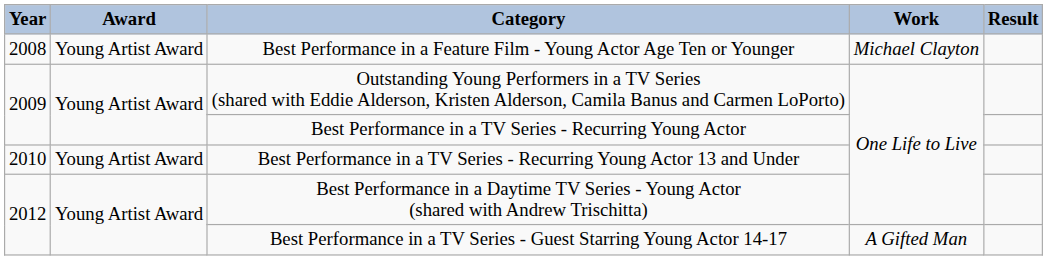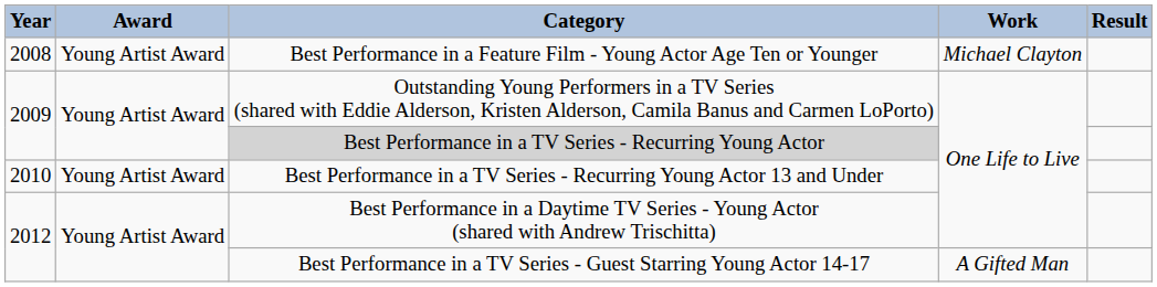 <table class="wikitable sortable" rowspan=5; style="text-align: center;">
 <tr>
 <th style="background:#B0C4DE;text-align:center;">Year</th>
 <th style="background:#B0C4DE;text-align:center;">Award</th>
 <th style="background:#B0C4DE;text-align:center;">Category</th>
 <th style="background:#B0C4DE;text-align:center;">Work</th>
 <th style="background:#B0C4DE;text-align:center;">Result</th>
 </tr>
 <tr>
 <td>2008</td>
 <td>Young Artist Award</td>
 <td>Best Performance in a Feature Film - Young Actor Age Ten or Younger</td>
 <td><em>Michael Clayton</em></td>
 <td></td>
 </tr>
 <tr>
 <td rowspan="2">2009</td>
 <td rowspan="2">Young Artist Award</td>
 <td>Outstanding Young Performers in a TV Series <br>(shared with Eddie Alderson, Kristen Alderson, Camila Banus and Carmen LoPorto)</td>
 <td rowspan="4"><em>One Life to Live</em></td>
 <td></td>
 </tr>
 <tr>
-<td>Best Performance in a TV Series - Recurring Young Actor</td>
+<td style="background: lightgrey;">Best Performance in a TV Series - Recurring Young Actor</td>
 <td></td>
 </tr>
 <tr>
 <td>2010</td>
 <td>Young Artist Award</td>
 <td>Best Performance in a TV Series - Recurring Young Actor 13 and Under</td>
 <td></td>
 </tr>
 <tr>
 <td rowspan="2">2012</td>
 <td rowspan="2">Young Artist Award</td>
 <td>Best Performance in a Daytime TV Series - Young Actor <br>(shared with Andrew Trischitta)</td>
 <td></td>
 </tr>
 <tr>
 <td>Best Performance in a TV Series - Guest Starring Young Actor 14-17</td>
 <td><em>A Gifted Man</em></td>
 <td></td>
 </tr>
 </table>
